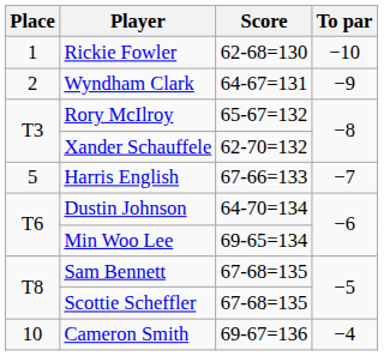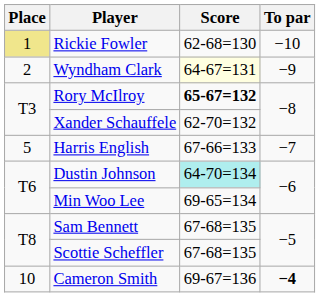 <table class="wikitable">
 <tr>
 <th>Place</th>
 <th>Player</th>
 <th>Score</th>
 <th>To par</th>
 </tr>
 <tr>
-<td align=center>1</td>
+<td align=center style="background: khaki;">1</td>
 <td> <a href='#'>Rickie Fowler</a></td>
 <td>62-68=130</td>
 <td align=center>−10</td>
 </tr>
 <tr>
 <td align=center>2</td>
 <td> <a href='#'>Wyndham Clark</a></td>
-<td>64-67=131</td>
+<td style="background: lightyellow;">64-67=131</td>
 <td align=center>−9</td>
 </tr>
 <tr>
 <td rowspan=2 align=center>T3</td>
 <td> <a href='#'>Rory McIlroy</a></td>
-<td>65-67=132</td>
+<td><strong>65-67=132</strong></td>
 <td rowspan=2 align=center>−8</td>
 </tr>
 <tr>
 <td> <a href='#'>Xander Schauffele</a></td>
 <td>62-70=132</td>
 </tr>
 <tr>
 <td align=center>5</td>
 <td> <a href='#'>Harris English</a></td>
 <td>67-66=133</td>
 <td align=center>−7</td>
 </tr>
 <tr>
 <td rowspan=2 align=center>T6</td>
 <td> <a href='#'>Dustin Johnson</a></td>
-<td>64-70=134</td>
+<td style="background: paleturquoise;">64-70=134</td>
 <td rowspan=2 align=center>−6</td>
 </tr>
 <tr>
 <td> <a href='#'>Min Woo Lee</a></td>
 <td>69-65=134</td>
 </tr>
 <tr>
 <td rowspan=2 align=center>T8</td>
 <td> <a href='#'>Sam Bennett</a></td>
 <td>67-68=135</td>
 <td rowspan=2 align=center>−5</td>
 </tr>
 <tr>
 <td> <a href='#'>Scottie Scheffler</a></td>
 <td>67-68=135</td>
 </tr>
 <tr>
 <td align=center>10</td>
 <td> <a href='#'>Cameron Smith</a></td>
 <td>69-67=136</td>
-<td align=center>−4</td>
+<td align=center><strong>−4</strong></td>
 </tr>
 </table>
